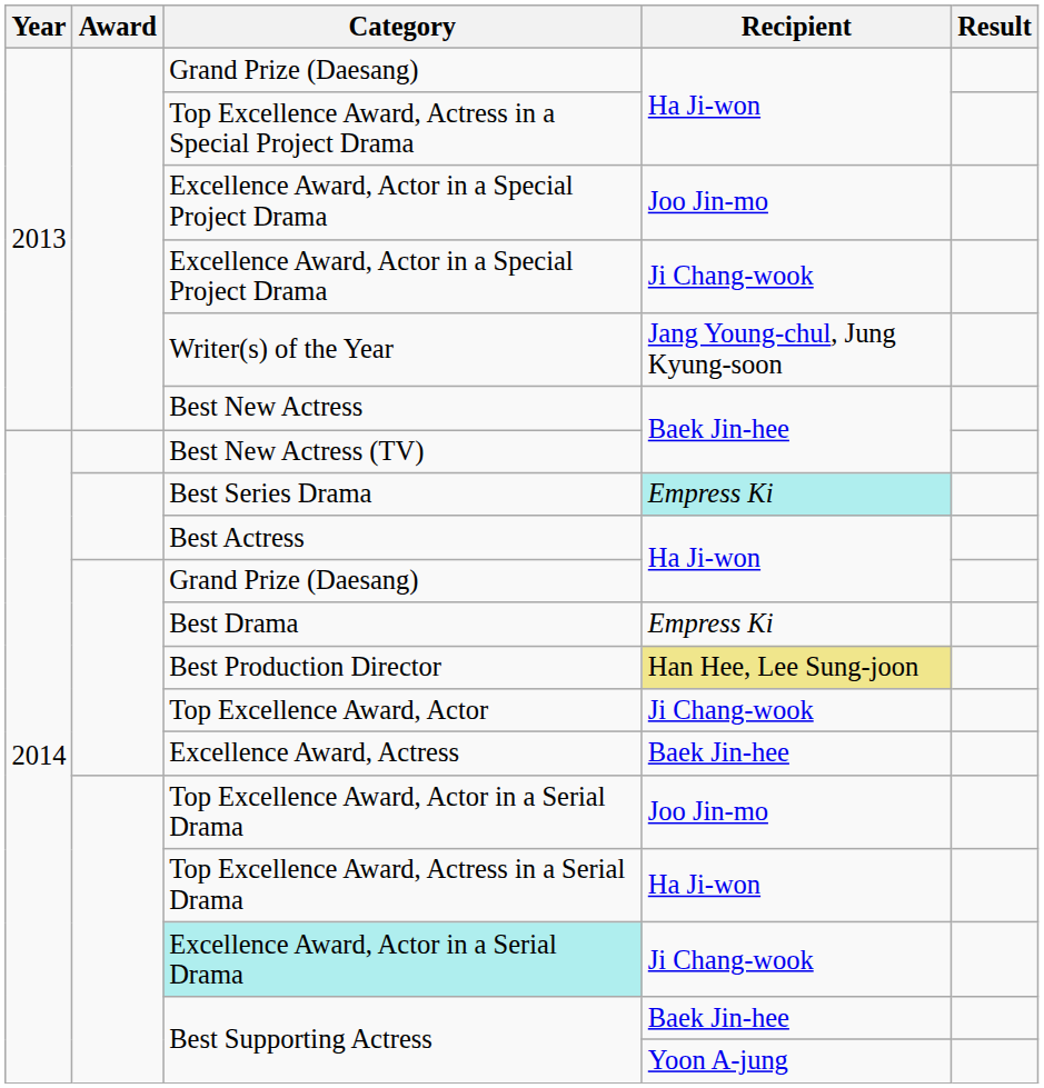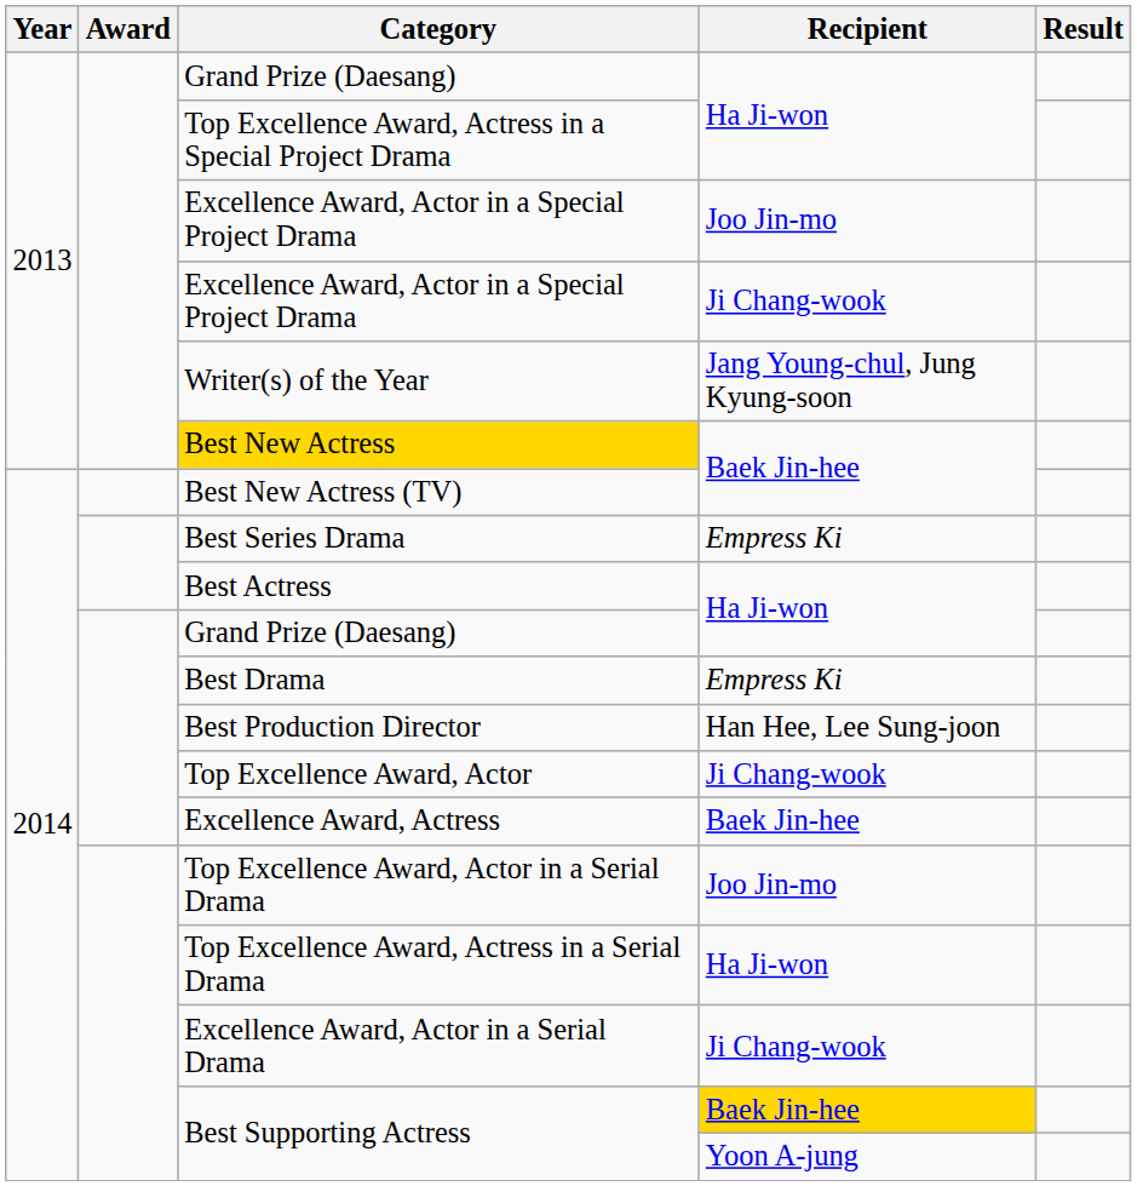 <table class="wikitable">
 <tr>
 <th>Year</th>
 <th>Award</th>
 <th>Category</th>
 <th>Recipient</th>
 <th>Result</th>
 </tr>
 <tr>
 <td rowspan="6">2013</td>
 <td rowspan="6"></td>
 <td>Grand Prize (Daesang)</td>
 <td rowspan="2"><a href='#'>Ha Ji-won</a></td>
 <td></td>
 </tr>
 <tr>
 <td>Top Excellence Award, Actress in a Special Project Drama</td>
 <td></td>
 </tr>
 <tr>
 <td>Excellence Award, Actor in a Special Project Drama</td>
 <td><a href='#'>Joo Jin-mo</a></td>
 <td></td>
 </tr>
 <tr>
 <td>Excellence Award, Actor in a Special Project Drama</td>
 <td><a href='#'>Ji Chang-wook</a></td>
 <td></td>
 </tr>
 <tr>
 <td>Writer(s) of the Year</td>
 <td><a href='#'>Jang Young-chul</a>, Jung Kyung-soon</td>
 <td></td>
 </tr>
 <tr>
-<td>Best New Actress</td>
+<td style="background: gold;">Best New Actress</td>
 <td rowspan="2"><a href='#'>Baek Jin-hee</a></td>
 <td></td>
 </tr>
 <tr>
 <td rowspan="13">2014</td>
 <td></td>
 <td>Best New Actress (TV)</td>
 <td></td>
 </tr>
 <tr>
 <td rowspan="2"></td>
 <td>Best Series Drama</td>
-<td style="background: paleturquoise;"><em>Empress Ki</em></td>
+<td><em>Empress Ki</em></td>
 <td></td>
 </tr>
 <tr>
 <td>Best Actress</td>
 <td rowspan="2"><a href='#'>Ha Ji-won</a></td>
 <td></td>
 </tr>
 <tr>
 <td rowspan="5"></td>
 <td>Grand Prize (Daesang)</td>
 <td></td>
 </tr>
 <tr>
 <td>Best Drama</td>
 <td><em>Empress Ki</em></td>
 <td></td>
 </tr>
 <tr>
 <td>Best Production Director</td>
-<td style="background: khaki;">Han Hee, Lee Sung-joon</td>
+<td>Han Hee, Lee Sung-joon</td>
 <td></td>
 </tr>
 <tr>
 <td>Top Excellence Award, Actor</td>
 <td><a href='#'>Ji Chang-wook</a></td>
 <td></td>
 </tr>
 <tr>
 <td>Excellence Award, Actress</td>
 <td><a href='#'>Baek Jin-hee</a></td>
 <td></td>
 </tr>
 <tr>
 <td rowspan="5"></td>
 <td>Top Excellence Award, Actor in a Serial Drama</td>
 <td><a href='#'>Joo Jin-mo</a></td>
 <td></td>
 </tr>
 <tr>
 <td>Top Excellence Award, Actress in a Serial Drama</td>
 <td><a href='#'>Ha Ji-won</a></td>
 <td></td>
 </tr>
 <tr>
-<td style="background: paleturquoise;">Excellence Award, Actor in a Serial Drama</td>
+<td>Excellence Award, Actor in a Serial Drama</td>
 <td><a href='#'>Ji Chang-wook</a></td>
 <td></td>
 </tr>
 <tr>
 <td rowspan="2">Best Supporting Actress</td>
-<td><a href='#'>Baek Jin-hee</a></td>
+<td style="background: gold;"><a href='#'>Baek Jin-hee</a></td>
 <td></td>
 </tr>
 <tr>
 <td><a href='#'>Yoon A-jung</a></td>
 <td></td>
 </tr>
 </table>
